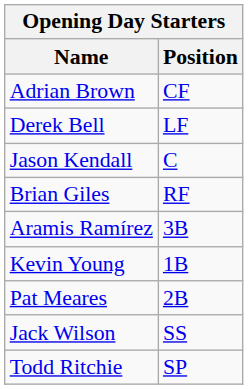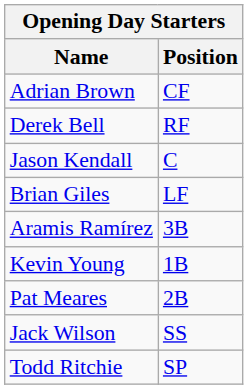 <table class="wikitable" style="text-align:left">
 <tr>
 <th colspan="2">Opening Day Starters</th>
 </tr>
 <tr>
 <th>Name</th>
 <th>Position</th>
 </tr>
 <tr>
 <td><a href='#'>Adrian Brown</a></td>
 <td><a href='#'>CF</a></td>
 </tr>
 <tr>
 <td><a href='#'>Derek Bell</a></td>
-<td><a href='#'>LF</a></td>
+<td><a href='#'>RF</a></td>
 </tr>
 <tr>
 <td><a href='#'>Jason Kendall</a></td>
 <td><a href='#'>C</a></td>
 </tr>
 <tr>
 <td><a href='#'>Brian Giles</a></td>
-<td><a href='#'>RF</a></td>
+<td><a href='#'>LF</a></td>
 </tr>
 <tr>
 <td><a href='#'>Aramis Ramírez</a></td>
 <td><a href='#'>3B</a></td>
 </tr>
 <tr>
 <td><a href='#'>Kevin Young</a></td>
 <td><a href='#'>1B</a></td>
 </tr>
 <tr>
 <td><a href='#'>Pat Meares</a></td>
 <td><a href='#'>2B</a></td>
 </tr>
 <tr>
 <td><a href='#'>Jack Wilson</a></td>
 <td><a href='#'>SS</a></td>
 </tr>
 <tr>
 <td><a href='#'>Todd Ritchie</a></td>
 <td><a href='#'>SP</a></td>
 </tr>
 </table>
